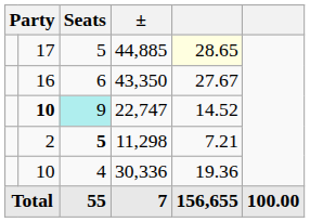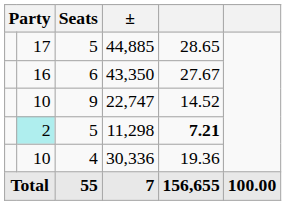 <table class=wikitable>
 <tr>
 <th colspan=2 align=center>Party</th>
 <th>Seats</th>
 <th>±</th>
 <th></th>
 <th></th>
 </tr>
 <tr>
 <td></td>
 <td align=right>17</td>
 <td align=right> 5</td>
 <td align=right>44,885</td>
-<td align=right style="background: lightyellow;">28.65</td>
+<td align=right>28.65</td>
 </tr>
 <tr>
 <td></td>
 <td align=right>16</td>
 <td align=right>6</td>
 <td align=right>43,350</td>
 <td align=right>27.67</td>
 </tr>
 <tr>
 <td></td>
-<td align=right><strong>10</strong></td>
-<td align=right style="background: paleturquoise;">9</td>
+<td align=right>10</td>
+<td align=right>9</td>
 <td align=right>22,747</td>
 <td align=right>14.52</td>
 </tr>
 <tr>
 <td></td>
-<td align=right>2</td>
-<td align=right><strong>5</strong></td>
+<td align=right style="background: paleturquoise;">2</td>
+<td align=right>5</td>
 <td align=right>11,298</td>
-<td align=right>7.21</td>
+<td align=right><strong>7.21</strong></td>
 </tr>
 <tr>
 <td></td>
 <td align=right>10</td>
 <td align=right>4</td>
 <td align=right>30,336</td>
 <td align=right>19.36</td>
 </tr>
 <tr style="font-weight:bold; background:rgb(232,232,232);">
 <td colspan=2 align=center>Total</td>
 <td align=right>55</td>
 <td align=right>7</td>
 <td align=right>156,655</td>
 <td align=right>100.00</td>
 </tr>
 </table>
